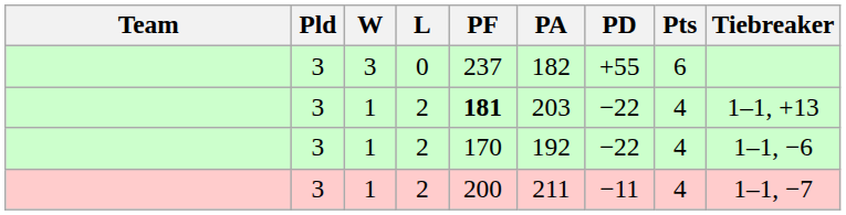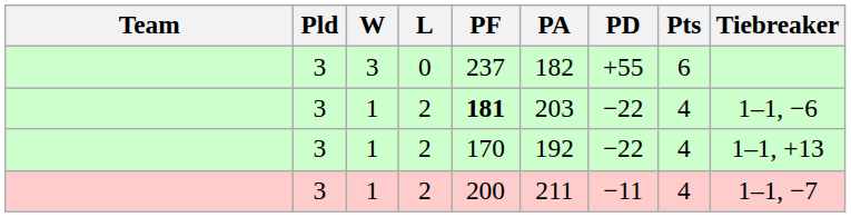 <table class="wikitable" style="text-align:center;">
 <tr>
 <th width=170>Team</th>
 <th width=25>Pld</th>
 <th width=25>W</th>
 <th width=25>L</th>
 <th width=35>PF</th>
 <th width=35>PA</th>
 <th width=35>PD</th>
 <th width=25>Pts</th>
 <th width=50>Tiebreaker</th>
 </tr>
 <tr style="background:#ccffcc">
 <td style="text-align:left"></td>
 <td>3</td>
 <td>3</td>
 <td>0</td>
 <td>237</td>
 <td>182</td>
 <td>+55</td>
 <td>6</td>
 <td></td>
 </tr>
 <tr style="background:#ccffcc">
 <td style="text-align:left"></td>
 <td>3</td>
 <td>1</td>
 <td>2</td>
 <td><strong>181</strong></td>
 <td>203</td>
 <td>−22</td>
 <td>4</td>
-<td>1–1, +13</td>
+<td>1–1, −6</td>
 </tr>
 <tr style="background:#ccffcc">
 <td style="text-align:left"></td>
 <td>3</td>
 <td>1</td>
 <td>2</td>
 <td>170</td>
 <td>192</td>
 <td>−22</td>
 <td>4</td>
-<td>1–1, −6</td>
+<td>1–1, +13</td>
 </tr>
 <tr style="background:#ffcccc">
 <td style="text-align:left"></td>
 <td>3</td>
 <td>1</td>
 <td>2</td>
 <td>200</td>
 <td>211</td>
 <td>−11</td>
 <td>4</td>
 <td>1–1, −7</td>
 </tr>
 </table>
